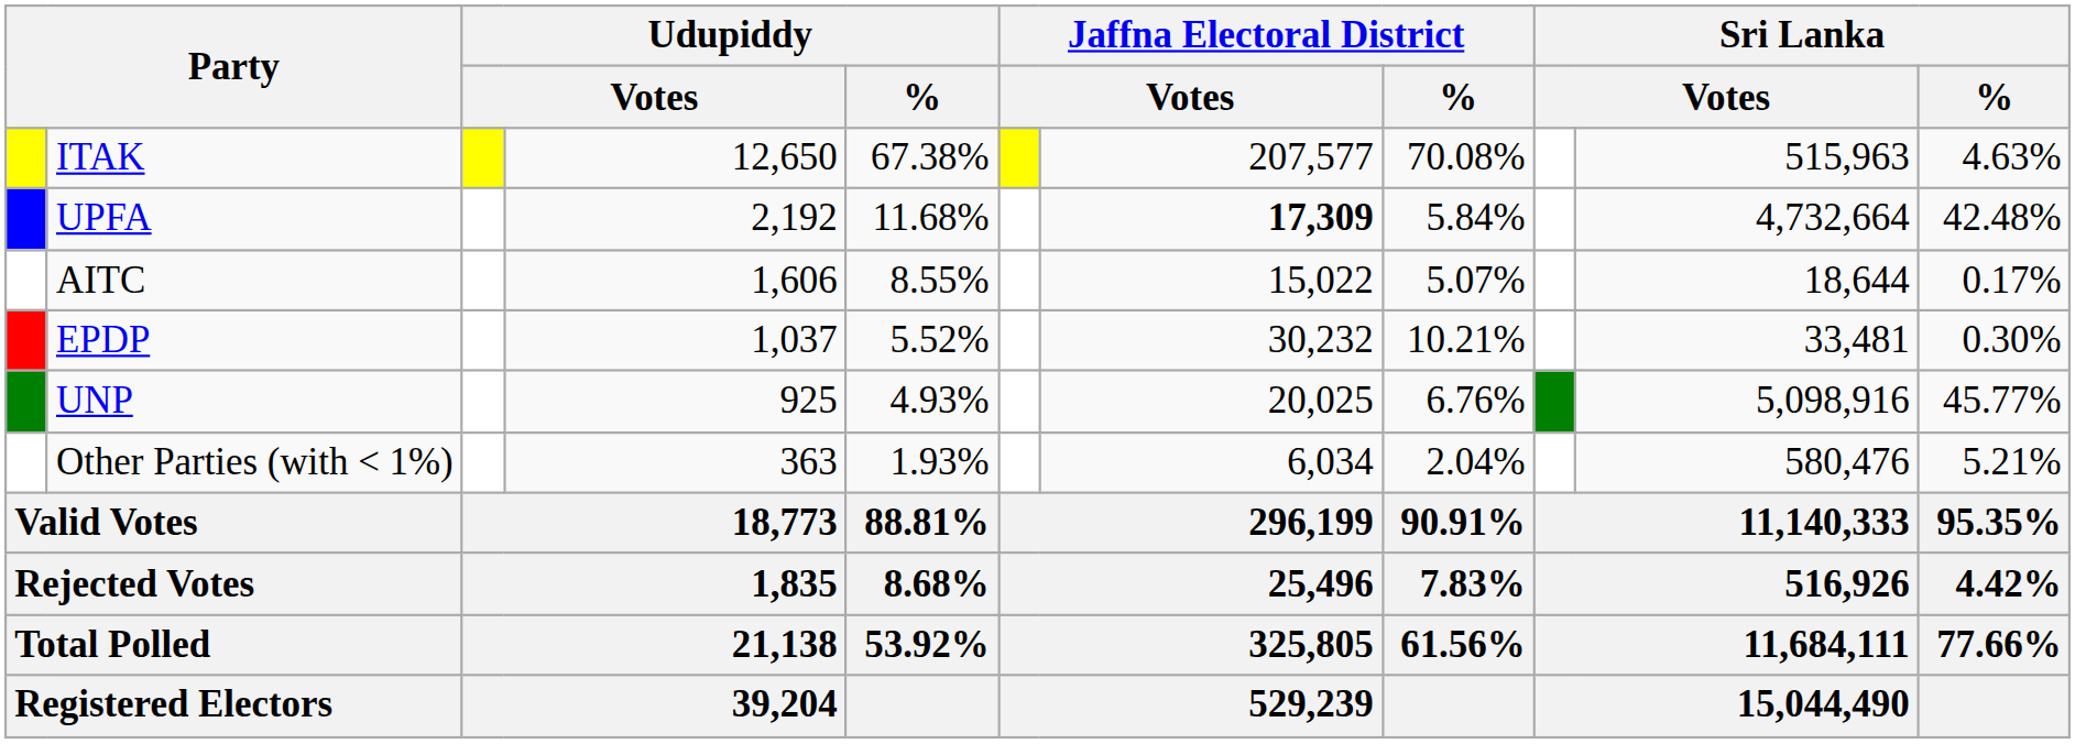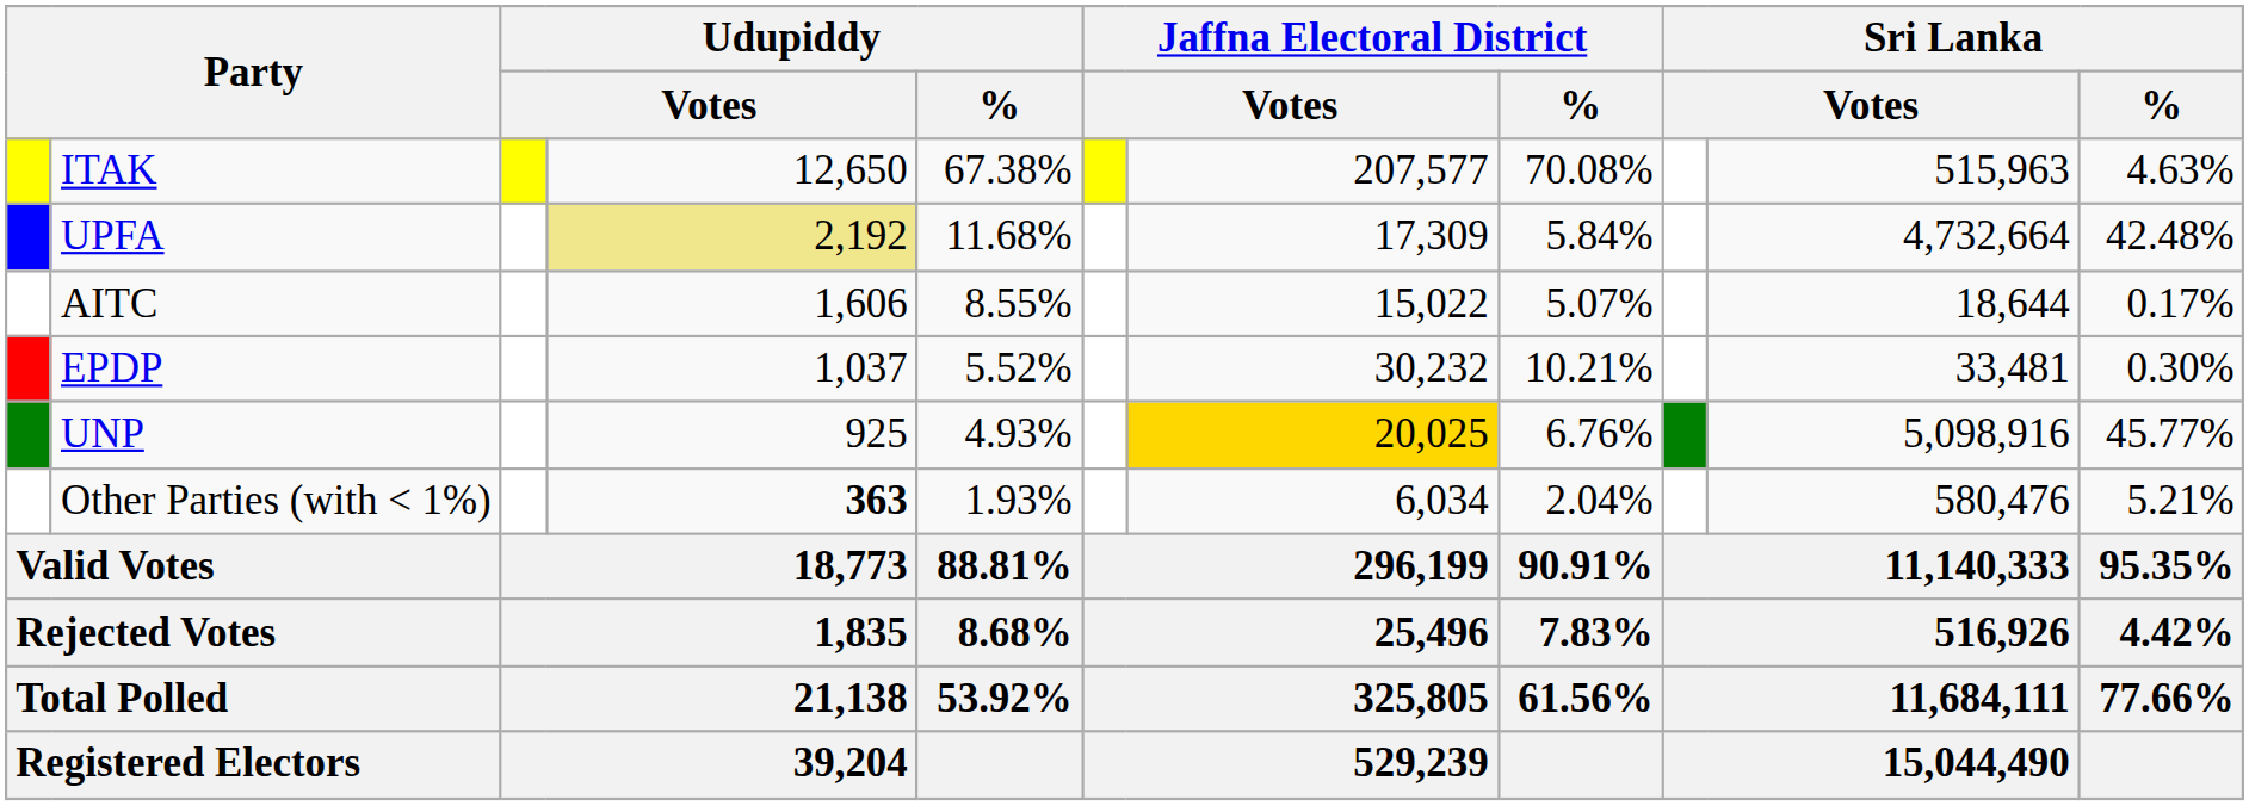 <table class="wikitable">
 <tr>
 <th colspan="2" width="144px"rowspan="2">Party</th>
 <th colspan="3" width="216px">Udupiddy</th>
 <th colspan="3" width="216px"><a href='#'>Jaffna Electoral District</a></th>
 <th colspan="3" width="216px">Sri Lanka</th>
 </tr>
 <tr>
 <th colspan="2" width="144px">Votes</th>
 <th>%</th>
 <th colspan="2" width="144px">Votes</th>
 <th>%</th>
 <th colspan="2" width="144px">Votes</th>
 <th>%</th>
 </tr>
 <tr>
 <td style="background-color:yellow;" width="10px"></td>
 <td style="text-align:left;"><a href='#'>ITAK</a></td>
 <td style="background-color:yellow;" width="10px"></td>
 <td style="text-align:right;">12,650</td>
 <td style="text-align:right;">67.38%</td>
 <td style="background-color:yellow;" width="10px"></td>
 <td style="text-align:right;">207,577</td>
 <td style="text-align:right;">70.08%</td>
 <td style="background-color:white;" width="10px"></td>
 <td style="text-align:right;">515,963</td>
 <td style="text-align:right;">4.63%</td>
 </tr>
 <tr>
 <td style="background-color:blue;" width="10px"></td>
 <td style="text-align:left;"><a href='#'>UPFA</a></td>
 <td style="background-color:white;" width="10px"></td>
-<td style="text-align:right;">2,192</td>
+<td style="background: khaki; text-align:right;">2,192</td>
 <td style="text-align:right;">11.68%</td>
 <td style="background-color:white;" width="10px"></td>
-<td style="text-align:right;"><strong>17,309</strong></td>
+<td style="text-align:right;">17,309</td>
 <td style="text-align:right;">5.84%</td>
 <td style="background-color:white;" width="10px"></td>
 <td style="text-align:right;">4,732,664</td>
 <td style="text-align:right;">42.48%</td>
 </tr>
 <tr>
 <td style="background-color:white;" width="10px"></td>
 <td style="text-align:left;">AITC</td>
 <td style="background-color:white;" width="10px"></td>
 <td style="text-align:right;">1,606</td>
 <td style="text-align:right;">8.55%</td>
 <td style="background-color:white;" width="10px"></td>
 <td style="text-align:right;">15,022</td>
 <td style="text-align:right;">5.07%</td>
 <td style="background-color:white;" width="10px"></td>
 <td style="text-align:right;">18,644</td>
 <td style="text-align:right;">0.17%</td>
 </tr>
 <tr>
 <td style="background-color:red;" width="10px"></td>
 <td style="text-align:left;"><a href='#'>EPDP</a></td>
 <td style="background-color:white;" width="10px"></td>
 <td style="text-align:right;">1,037</td>
 <td style="text-align:right;">5.52%</td>
 <td style="background-color:white;" width="10px"></td>
 <td style="text-align:right;">30,232</td>
 <td style="text-align:right;">10.21%</td>
 <td style="background-color:white;" width="10px"></td>
 <td style="text-align:right;">33,481</td>
 <td style="text-align:right;">0.30%</td>
 </tr>
 <tr>
 <td style="background-color:green;" width="10px"></td>
 <td style="text-align:left;"><a href='#'>UNP</a></td>
 <td style="background-color:white;" width="10px"></td>
 <td style="text-align:right;">925</td>
 <td style="text-align:right;">4.93%</td>
 <td style="background-color:white;" width="10px"></td>
-<td style="text-align:right;">20,025</td>
+<td style="background: gold; text-align:right;">20,025</td>
 <td style="text-align:right;">6.76%</td>
 <td style="background-color:green;" width="10px"></td>
 <td style="text-align:right;">5,098,916</td>
 <td style="text-align:right;">45.77%</td>
 </tr>
 <tr>
 <td style="background-color:white;" width="10px"></td>
 <td style="text-align:left;">Other Parties (with < 1%)</td>
 <td style="background-color:white;" width="10px"></td>
-<td style="text-align:right;">363</td>
+<td style="text-align:right;"><strong>363</strong></td>
 <td style="text-align:right;">1.93%</td>
 <td style="background-color:white;" width="10px"></td>
 <td style="text-align:right;">6,034</td>
 <td style="text-align:right;">2.04%</td>
 <td style="background-color:white;" width="10px"></td>
 <td style="text-align:right;">580,476</td>
 <td style="text-align:right;">5.21%</td>
 </tr>
 <tr>
 <th colspan="2" width="144px"style="text-align:left;">Valid Votes</th>
 <th style="text-align:right;"colspan="2" width="144px">18,773</th>
 <th style="text-align:right;">88.81%</th>
 <th style="text-align:right;"colspan="2" width="144px">296,199</th>
 <th style="text-align:right;">90.91%</th>
 <th style="text-align:right;"colspan="2" width="144px">11,140,333</th>
 <th style="text-align:right;">95.35%</th>
 </tr>
 <tr>
 <th colspan="2" width="144px"style="text-align:left;">Rejected Votes</th>
 <th style="text-align:right;"colspan="2" width="144px">1,835</th>
 <th style="text-align:right;">8.68%</th>
 <th style="text-align:right;"colspan="2" width="144px">25,496</th>
 <th style="text-align:right;">7.83%</th>
 <th style="text-align:right;"colspan="2" width="144px">516,926</th>
 <th style="text-align:right;">4.42%</th>
 </tr>
 <tr>
 <th colspan="2" width="144px"style="text-align:left;">Total Polled</th>
 <th style="text-align:right;"colspan="2" width="144px">21,138</th>
 <th style="text-align:right;">53.92%</th>
 <th style="text-align:right;"colspan="2" width="144px">325,805</th>
 <th style="text-align:right;">61.56%</th>
 <th style="text-align:right;"colspan="2" width="144px">11,684,111</th>
 <th style="text-align:right;">77.66%</th>
 </tr>
 <tr>
 <th colspan="2" width="144px"style="text-align:left;">Registered Electors</th>
 <th style="text-align:right;"colspan="2" width="144px">39,204</th>
 <th></th>
 <th style="text-align:right;"colspan="2" width="144px">529,239</th>
 <th></th>
 <th style="text-align:right;"colspan="2" width="144px">15,044,490</th>
 <th></th>
 </tr>
 </table>
